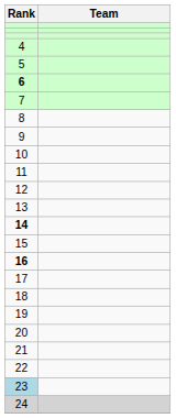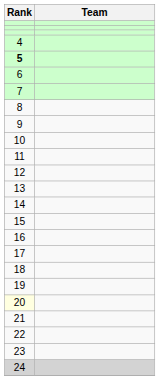 <table class="wikitable">
 <tr>
 <th style="width: 40px;">Rank</th>
 <th style="width: 180px;">Team</th>
 </tr>
 <tr bgcolor=#ccffcc>
 <td align=center></td>
 <td></td>
 </tr>
 <tr bgcolor=#ccffcc>
 <td align=center></td>
 <td></td>
 </tr>
 <tr bgcolor=#ccffcc>
 <td align=center></td>
 <td></td>
 </tr>
 <tr bgcolor=#ccffcc>
 <td align=center>4</td>
 <td></td>
 </tr>
 <tr bgcolor=#ccffcc>
-<td align=center>5</td>
+<td align=center><strong>5</strong></td>
 <td></td>
 </tr>
 <tr bgcolor=#ccffcc>
-<td align=center><strong>6</strong></td>
+<td align=center>6</td>
 <td></td>
 </tr>
 <tr bgcolor=#ccffcc>
 <td align=center>7</td>
 <td></td>
 </tr>
 <tr>
 <td align=center>8</td>
 <td></td>
 </tr>
 <tr>
 <td align=center>9</td>
 <td></td>
 </tr>
 <tr>
 <td align=center>10</td>
 <td></td>
 </tr>
 <tr>
 <td align=center>11</td>
 <td></td>
 </tr>
 <tr>
 <td align=center>12</td>
 <td></td>
 </tr>
 <tr>
 <td align=center>13</td>
 <td></td>
 </tr>
 <tr>
-<td align=center><strong>14</strong></td>
+<td align=center>14</td>
 <td></td>
 </tr>
 <tr>
 <td align=center>15</td>
 <td></td>
 </tr>
 <tr>
-<td align=center><strong>16</strong></td>
+<td align=center>16</td>
 <td></td>
 </tr>
 <tr>
 <td align=center>17</td>
 <td></td>
 </tr>
 <tr>
 <td align=center>18</td>
 <td></td>
 </tr>
 <tr>
 <td align=center>19</td>
 <td></td>
 </tr>
 <tr>
-<td align=center>20</td>
+<td align=center style="background: lightyellow;">20</td>
 <td></td>
 </tr>
 <tr>
 <td align=center>21</td>
 <td></td>
 </tr>
 <tr>
 <td align=center>22</td>
 <td></td>
 </tr>
 <tr>
-<td align=center style="background: lightblue;">23</td>
+<td align=center>23</td>
 <td></td>
 </tr>
 <tr style="background: lightgrey">
 <td align=center>24</td>
 <td></td>
 </tr>
 <tr>
 </tr>
 </table>
